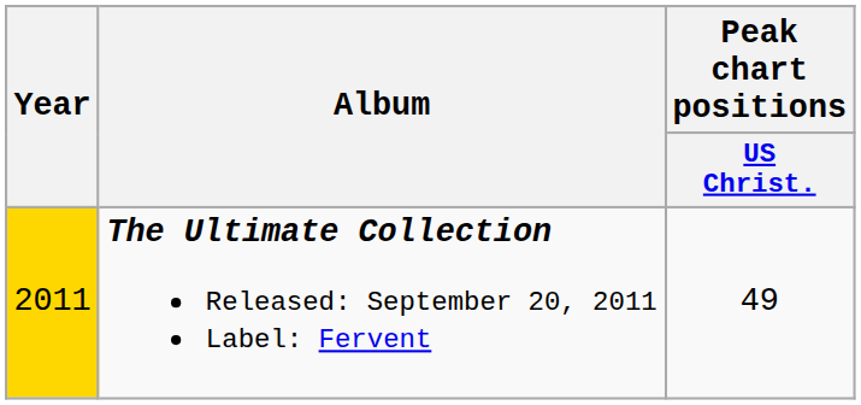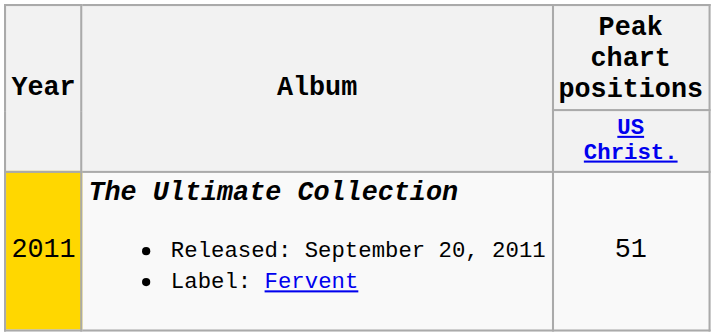 <table class="wikitable">
 <tr>
 <th rowspan="2">Year</th>
 <th rowspan="2">Album</th>
 <th colspan="1">Peak chart positions</th>
 </tr>
 <tr style="font-size:smaller;">
 <th style="width:35px;"><a href='#'>US<br>Christ.</a><br></th>
 </tr>
 <tr>
 <td style="background: gold;">2011</td>
 <td><strong><em>The Ultimate Collection</em></strong><br><ul><li><small>Released: September 20, 2011</small></li><li><small>Label: <a href='#'>Fervent</a></small></li></ul></td>
-<td style="text-align:center;">49</td>
+<td style="text-align:center;">51</td>
 </tr>
 </table>
